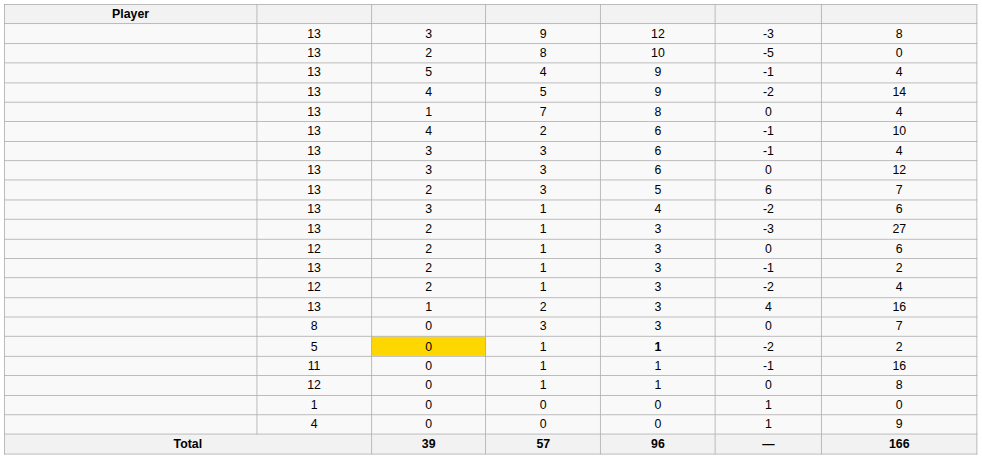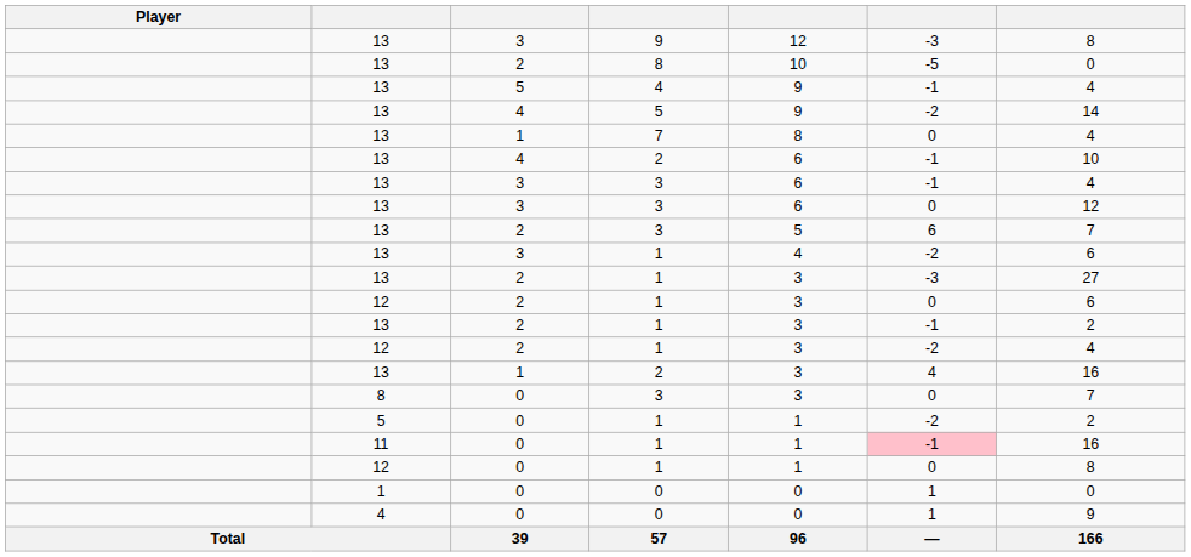 <table class="wikitable sortable" style="width:100%;">
 <tr align=center>
 <th>Player</th>
 <th></th>
 <th></th>
 <th></th>
 <th></th>
 <th data-sort-type="number"></th>
 <th></th>
 </tr>
 <tr align=center>
 <td></td>
 <td>13</td>
 <td>3</td>
 <td>9</td>
 <td>12</td>
 <td>-3</td>
 <td>8</td>
 </tr>
 <tr align=center>
 <td></td>
 <td>13</td>
 <td>2</td>
 <td>8</td>
 <td>10</td>
 <td>-5</td>
 <td>0</td>
 </tr>
 <tr align=center>
 <td></td>
 <td>13</td>
 <td>5</td>
 <td>4</td>
 <td>9</td>
 <td>-1</td>
 <td>4</td>
 </tr>
 <tr align=center>
 <td></td>
 <td>13</td>
 <td>4</td>
 <td>5</td>
 <td>9</td>
 <td>-2</td>
 <td>14</td>
 </tr>
 <tr align=center>
 <td></td>
 <td>13</td>
 <td>1</td>
 <td>7</td>
 <td>8</td>
 <td>0</td>
 <td>4</td>
 </tr>
 <tr align=center>
 <td></td>
 <td>13</td>
 <td>4</td>
 <td>2</td>
 <td>6</td>
 <td>-1</td>
 <td>10</td>
 </tr>
 <tr align=center>
 <td></td>
 <td>13</td>
 <td>3</td>
 <td>3</td>
 <td>6</td>
 <td>-1</td>
 <td>4</td>
 </tr>
 <tr align=center>
 <td></td>
 <td>13</td>
 <td>3</td>
 <td>3</td>
 <td>6</td>
 <td>0</td>
 <td>12</td>
 </tr>
 <tr align=center>
 <td></td>
 <td>13</td>
 <td>2</td>
 <td>3</td>
 <td>5</td>
 <td>6</td>
 <td>7</td>
 </tr>
 <tr align=center>
 <td></td>
 <td>13</td>
 <td>3</td>
 <td>1</td>
 <td>4</td>
 <td>-2</td>
 <td>6</td>
 </tr>
 <tr align=center>
 <td></td>
 <td>13</td>
 <td>2</td>
 <td>1</td>
 <td>3</td>
 <td>-3</td>
 <td>27</td>
 </tr>
 <tr align=center>
 <td></td>
 <td>12</td>
 <td>2</td>
 <td>1</td>
 <td>3</td>
 <td>0</td>
 <td>6</td>
 </tr>
 <tr align=center>
 <td></td>
 <td>13</td>
 <td>2</td>
 <td>1</td>
 <td>3</td>
 <td>-1</td>
 <td>2</td>
 </tr>
 <tr align=center>
 <td></td>
 <td>12</td>
 <td>2</td>
 <td>1</td>
 <td>3</td>
 <td>-2</td>
 <td>4</td>
 </tr>
 <tr align=center>
 <td></td>
 <td>13</td>
 <td>1</td>
 <td>2</td>
 <td>3</td>
 <td>4</td>
 <td>16</td>
 </tr>
 <tr align=center>
 <td></td>
 <td>8</td>
 <td>0</td>
 <td>3</td>
 <td>3</td>
 <td>0</td>
 <td>7</td>
 </tr>
 <tr align=center>
 <td></td>
 <td>5</td>
-<td style="background: gold;">0</td>
+<td>0</td>
 <td>1</td>
-<td><strong>1</strong></td>
+<td>1</td>
 <td>-2</td>
 <td>2</td>
 </tr>
 <tr align=center>
 <td></td>
 <td>11</td>
 <td>0</td>
 <td>1</td>
 <td>1</td>
-<td>-1</td>
+<td style="background: pink;">-1</td>
 <td>16</td>
 </tr>
 <tr align=center>
 <td></td>
 <td>12</td>
 <td>0</td>
 <td>1</td>
 <td>1</td>
 <td>0</td>
 <td>8</td>
 </tr>
 <tr align=center>
 <td></td>
 <td>1</td>
 <td>0</td>
 <td>0</td>
 <td>0</td>
 <td>1</td>
 <td>0</td>
 </tr>
 <tr align=center>
 <td></td>
 <td>4</td>
 <td>0</td>
 <td>0</td>
 <td>0</td>
 <td>1</td>
 <td>9</td>
 </tr>
 <tr class="sortbotom">
 <th colspan=2>Total</th>
 <th>39</th>
 <th>57</th>
 <th>96</th>
 <th>—</th>
 <th>166</th>
 </tr>
 </table>
